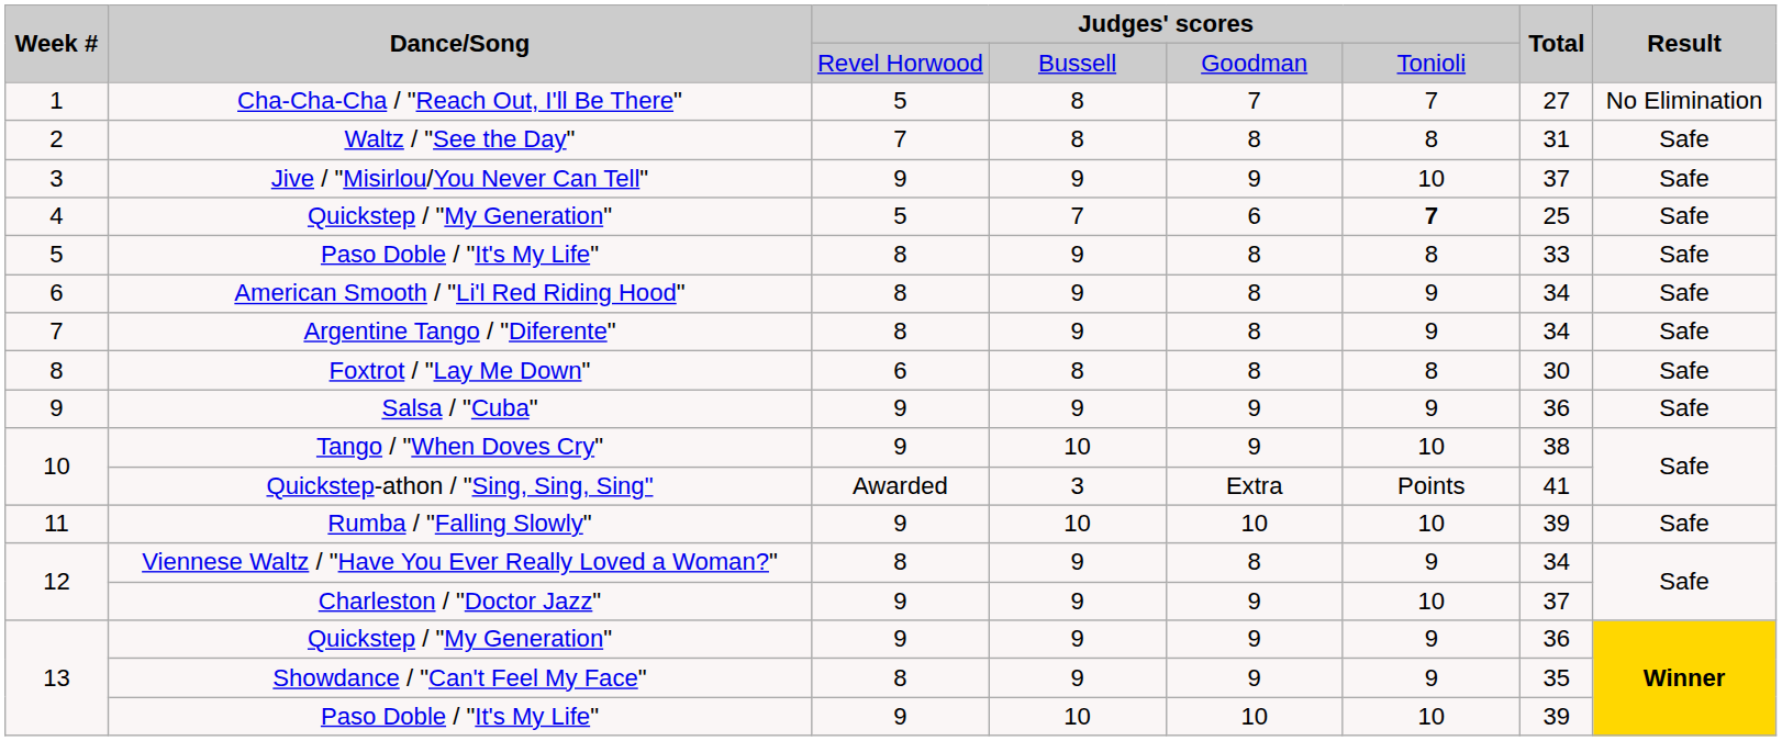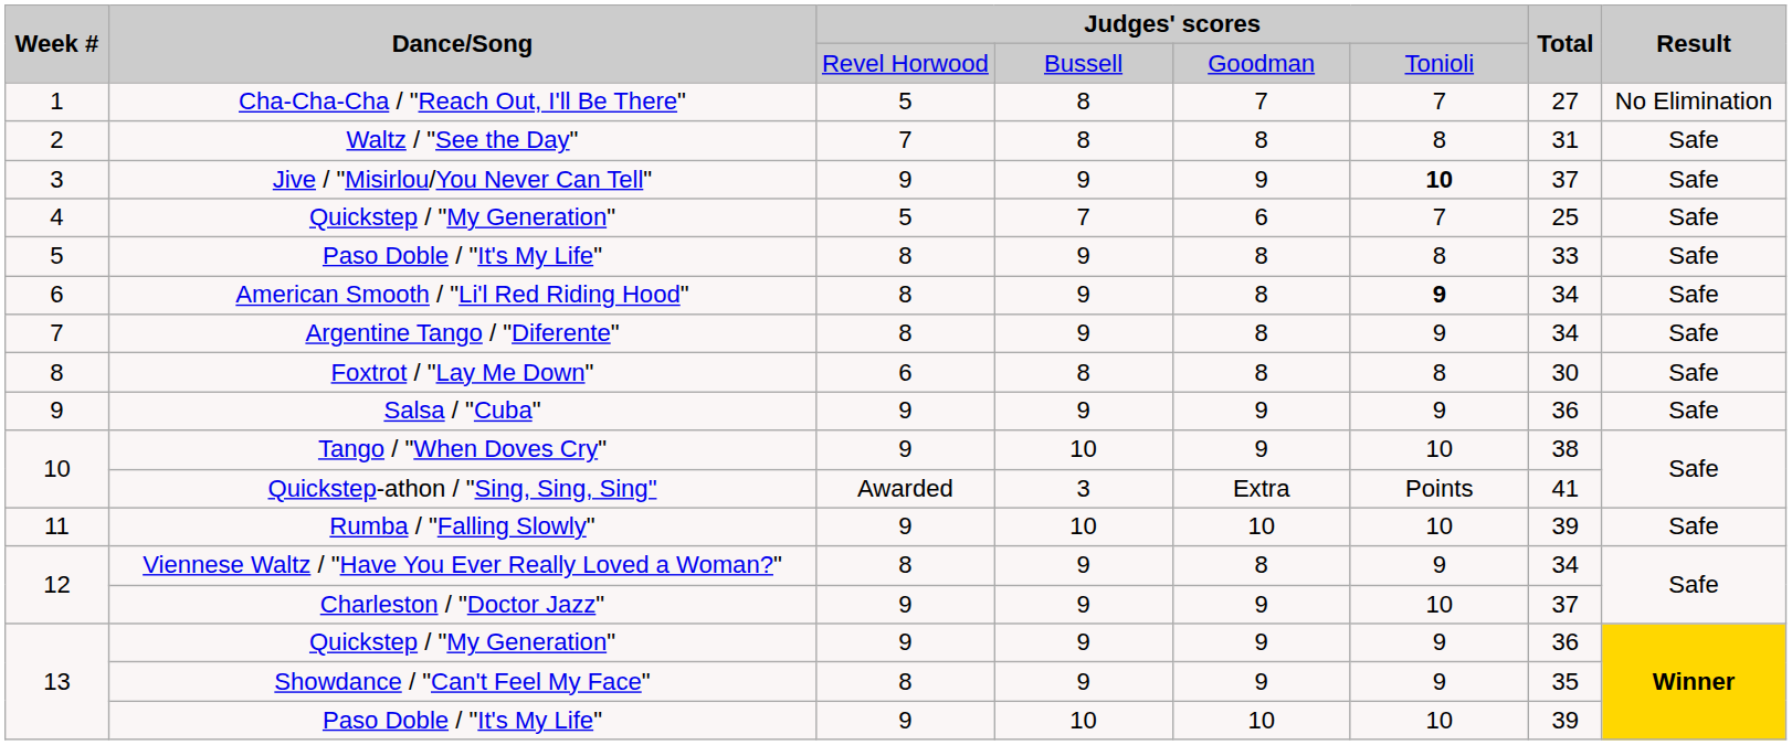 <table class="wikitable">
 <tr>
 <th rowspan="2"  style="background:#ccc; text-align:Center;"><strong>Week #</strong></th>
 <th rowspan="2"  style="background:#ccc; text-align:Center;"><strong>Dance</strong>/<strong>Song</strong></th>
 <th colspan="4"  style="background:#ccc; text-align:Center;"><strong>Judges' scores</strong></th>
 <th rowspan="2"  style="background:#ccc; text-align:Center;"><strong>Total</strong></th>
 <th rowspan="2"  style="background:#ccc; text-align:Center;"><strong>Result</strong></th>
 </tr>
 <tr>
 <td style="width:10%; background:#ccc; text-align:center;"><a href='#'>Revel Horwood</a></td>
 <td style="width:10%; background:#ccc; text-align:center;"><a href='#'>Bussell</a></td>
 <td style="width:10%; background:#ccc; text-align:center;"><a href='#'>Goodman</a></td>
 <td style="width:10%; background:#ccc; text-align:center;"><a href='#'>Tonioli</a></td>
 </tr>
 <tr>
 <td style="text-align:center; background:#faf6f6;">1</td>
 <td style="text-align:center; background:#faf6f6;"><a href='#'>Cha-Cha-Cha</a> / "<a href='#'>Reach Out, I'll Be There</a>"</td>
 <td style="text-align:center; background:#faf6f6;">5</td>
 <td style="text-align:center; background:#faf6f6;">8</td>
 <td style="text-align:center; background:#faf6f6;">7</td>
 <td style="text-align:center; background:#faf6f6;">7</td>
 <td style="text-align:center; background:#faf6f6;">27</td>
 <td style="text-align:center; background:#faf6f6;">No Elimination</td>
 </tr>
 <tr style="text-align:center; background:#faf6f6;">
 <td>2</td>
 <td><a href='#'>Waltz</a> / "<a href='#'>See the Day</a>"</td>
 <td>7</td>
 <td>8</td>
 <td>8</td>
 <td>8</td>
 <td>31</td>
 <td>Safe</td>
 </tr>
 <tr>
 <td style="text-align:center; background:#faf6f6;">3</td>
 <td style="text-align:center; background:#faf6f6;"><a href='#'>Jive</a> / "<a href='#'>Misirlou</a>/<a href='#'>You Never Can Tell</a>"</td>
 <td style="text-align:center; background:#faf6f6;">9</td>
 <td style="text-align:center; background:#faf6f6;">9</td>
 <td style="text-align:center; background:#faf6f6;">9</td>
-<td style="text-align:center; background:#faf6f6;">10</td>
+<td style="text-align:center; background:#faf6f6;"><strong>10</strong></td>
 <td style="text-align:center; background:#faf6f6;">37</td>
 <td style="text-align:center; background:#faf6f6;">Safe</td>
 </tr>
 <tr style="text-align:center; background:#faf6f6;">
 <td>4</td>
 <td><a href='#'>Quickstep</a> / "<a href='#'>My Generation</a>"</td>
 <td>5</td>
 <td>7</td>
 <td>6</td>
-<td><strong>7</strong></td>
+<td>7</td>
 <td>25</td>
 <td>Safe</td>
 </tr>
 <tr>
 <td style="text-align:center; background:#faf6f6;">5</td>
 <td style="text-align:center; background:#faf6f6;"><a href='#'>Paso Doble</a> / "<a href='#'>It's My Life</a>"</td>
 <td style="text-align:center; background:#faf6f6;">8</td>
 <td style="text-align:center; background:#faf6f6;">9</td>
 <td style="text-align:center; background:#faf6f6;">8</td>
 <td style="text-align:center; background:#faf6f6;">8</td>
 <td style="text-align:center; background:#faf6f6;">33</td>
 <td style="text-align:center; background:#faf6f6;">Safe</td>
 </tr>
 <tr style="text-align:center; background:#faf6f6;">
 <td>6</td>
 <td><a href='#'>American Smooth</a> / "<a href='#'>Li'l Red Riding Hood</a>"</td>
 <td>8</td>
 <td>9</td>
 <td>8</td>
-<td>9</td>
+<td><strong>9</strong></td>
 <td>34</td>
 <td>Safe</td>
 </tr>
 <tr>
 <td style="text-align:center; background:#faf6f6;">7</td>
 <td style="text-align:center; background:#faf6f6;"><a href='#'>Argentine Tango</a> / "<a href='#'>Diferente</a>"</td>
 <td style="text-align:center; background:#faf6f6;">8</td>
 <td style="text-align:center; background:#faf6f6;">9</td>
 <td style="text-align:center; background:#faf6f6;">8</td>
 <td style="text-align:center; background:#faf6f6;">9</td>
 <td style="text-align:center; background:#faf6f6;">34</td>
 <td style="text-align:center; background:#faf6f6;">Safe</td>
 </tr>
 <tr>
 <td style="text-align:center; background:#faf6f6;">8</td>
 <td style="text-align:center; background:#faf6f6;"><a href='#'>Foxtrot</a> / "<a href='#'>Lay Me Down</a>"</td>
 <td style="text-align:center; background:#faf6f6;">6</td>
 <td style="text-align:center; background:#faf6f6;">8</td>
 <td style="text-align:center; background:#faf6f6;">8</td>
 <td style="text-align:center; background:#faf6f6;">8</td>
 <td style="text-align:center; background:#faf6f6;">30</td>
 <td style="text-align:center; background:#faf6f6;">Safe</td>
 </tr>
 <tr>
 <td style="text-align:center; background:#faf6f6;">9</td>
 <td style="text-align:center; background:#faf6f6;"><a href='#'>Salsa</a> / "<a href='#'>Cuba</a>"</td>
 <td style="text-align:center; background:#faf6f6;">9</td>
 <td style="text-align:center; background:#faf6f6;">9</td>
 <td style="text-align:center; background:#faf6f6;">9</td>
 <td style="text-align:center; background:#faf6f6;">9</td>
 <td style="text-align:center; background:#faf6f6;">36</td>
 <td style="text-align:center; background:#faf6f6;">Safe</td>
 </tr>
 <tr>
 <td style="text-align:center; background:#faf6f6;" rowspan="2">10</td>
 <td style="text-align:center; background:#faf6f6;"><a href='#'>Tango</a> / "<a href='#'>When Doves Cry</a>"</td>
 <td style="text-align:center; background:#faf6f6;">9</td>
 <td style="text-align:center; background:#faf6f6;">10</td>
 <td style="text-align:center; background:#faf6f6;">9</td>
 <td style="text-align:center; background:#faf6f6;">10</td>
 <td style="text-align:center; background:#faf6f6;">38</td>
 <td style="text-align:center; background:#faf6f6;" rowspan="2">Safe</td>
 </tr>
 <tr>
 <td style="text-align:center; background:#faf6f6;"><a href='#'>Quickstep</a>-athon / "<a href='#'>Sing, Sing, Sing"</a></td>
 <td style="text-align:center; background:#faf6f6;">Awarded</td>
 <td style="text-align:center; background:#faf6f6;">3</td>
 <td style="text-align:center; background:#faf6f6;">Extra</td>
 <td style="text-align:center; background:#faf6f6;">Points</td>
 <td style="text-align:center; background:#faf6f6;">41</td>
 </tr>
 <tr>
 <td style="text-align:center; background:#faf6f6;">11</td>
 <td style="text-align:center; background:#faf6f6;"><a href='#'>Rumba</a> / "<a href='#'>Falling Slowly</a>"</td>
 <td style="text-align:center; background:#faf6f6;">9</td>
 <td style="text-align:center; background:#faf6f6;">10</td>
 <td style="text-align:center; background:#faf6f6;">10</td>
 <td style="text-align:center; background:#faf6f6;">10</td>
 <td style="text-align:center; background:#faf6f6;">39</td>
 <td style="text-align:center; background:#faf6f6;">Safe</td>
 </tr>
 <tr>
 <td style="text-align:center; background:#faf6f6;" rowspan="2">12</td>
 <td style="text-align:center; background:#faf6f6;"><a href='#'>Viennese Waltz</a> / "<a href='#'>Have You Ever Really Loved a Woman?</a>"</td>
 <td style="text-align:center; background:#faf6f6;">8</td>
 <td style="text-align:center; background:#faf6f6;">9</td>
 <td style="text-align:center; background:#faf6f6;">8</td>
 <td style="text-align:center; background:#faf6f6;">9</td>
 <td style="text-align:center; background:#faf6f6;">34</td>
 <td style="text-align:center; background:#faf6f6;" rowspan="2">Safe</td>
 </tr>
 <tr>
 <td style="text-align:center; background:#faf6f6;"><a href='#'>Charleston</a> / "<a href='#'>Doctor Jazz</a>"</td>
 <td style="text-align:center; background:#faf6f6;">9</td>
 <td style="text-align:center; background:#faf6f6;">9</td>
 <td style="text-align:center; background:#faf6f6;">9</td>
 <td style="text-align:center; background:#faf6f6;">10</td>
 <td style="text-align:center; background:#faf6f6;">37</td>
 </tr>
 <tr style="text-align:center;">
 <td style="background:#faf6f6;" rowspan="3">13</td>
 <td style="background:#faf6f6;"><a href='#'>Quickstep</a> / "<a href='#'>My Generation</a>"</td>
 <td style="background:#faf6f6;">9</td>
 <td style="background:#faf6f6;">9</td>
 <td style="background:#faf6f6;">9</td>
 <td style="background:#faf6f6;">9</td>
 <td style="background:#faf6f6;">36</td>
 <td rowspan="3" style="background-color:#faf6f6; background-color:gold;"><strong>Winner</strong></td>
 </tr>
 <tr>
 <td style="text-align:center; background:#faf6f6;"><a href='#'>Showdance</a> / "<a href='#'>Can't Feel My Face</a>"</td>
 <td style="text-align:center; background:#faf6f6;">8</td>
 <td style="text-align:center; background:#faf6f6;">9</td>
 <td style="text-align:center; background:#faf6f6;">9</td>
 <td style="text-align:center; background:#faf6f6;">9</td>
 <td style="text-align:center; background:#faf6f6;">35</td>
 </tr>
 <tr>
 <td style="text-align:center; background:#faf6f6;"><a href='#'>Paso Doble</a> / "<a href='#'>It's My Life</a>"</td>
 <td style="text-align:center; background:#faf6f6;">9</td>
 <td style="text-align:center; background:#faf6f6;">10</td>
 <td style="text-align:center; background:#faf6f6;">10</td>
 <td style="text-align:center; background:#faf6f6;">10</td>
 <td style="text-align:center; background:#faf6f6;">39</td>
 </tr>
 </table>
